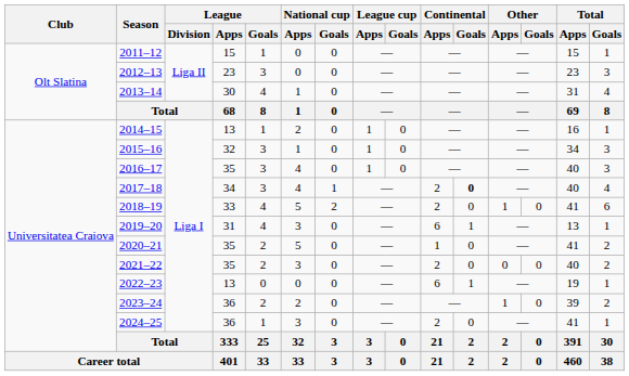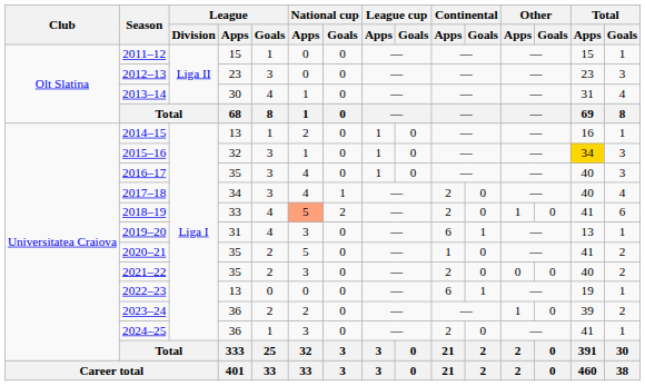 <table class="wikitable" style="text-align:center">
 <tr>
 <th rowspan="2">Club</th>
 <th rowspan="2">Season</th>
 <th colspan="3">League</th>
 <th colspan="2">National cup</th>
 <th colspan="2">League cup</th>
 <th colspan="2">Continental</th>
 <th colspan="2">Other</th>
 <th colspan="2">Total</th>
 </tr>
 <tr>
 <th>Division</th>
 <th>Apps</th>
 <th>Goals</th>
 <th>Apps</th>
 <th>Goals</th>
 <th>Apps</th>
 <th>Goals</th>
 <th>Apps</th>
 <th>Goals</th>
 <th>Apps</th>
 <th>Goals</th>
 <th>Apps</th>
 <th>Goals</th>
 </tr>
 <tr>
 <td rowspan="4"><a href='#'>Olt Slatina</a></td>
 <td><a href='#'>2011–12</a></td>
 <td rowspan="3"><a href='#'>Liga II</a></td>
 <td>15</td>
 <td>1</td>
 <td>0</td>
 <td>0</td>
 <td colspan="2">—</td>
 <td colspan="2">—</td>
 <td colspan="2">—</td>
 <td>15</td>
 <td>1</td>
 </tr>
 <tr>
 <td><a href='#'>2012–13</a></td>
 <td>23</td>
 <td>3</td>
 <td>0</td>
 <td>0</td>
 <td colspan="2">—</td>
 <td colspan="2">—</td>
 <td colspan="2">—</td>
 <td>23</td>
 <td>3</td>
 </tr>
 <tr>
 <td><a href='#'>2013–14</a></td>
 <td>30</td>
 <td>4</td>
 <td>1</td>
 <td>0</td>
 <td colspan="2">—</td>
 <td colspan="2">—</td>
 <td colspan="2">—</td>
 <td>31</td>
 <td>4</td>
 </tr>
 <tr>
 <th colspan=2>Total</th>
 <th>68</th>
 <th>8</th>
 <th>1</th>
 <th>0</th>
 <th colspan="2">—</th>
 <th colspan="2">—</th>
 <th colspan="2">—</th>
 <th>69</th>
 <th>8</th>
 </tr>
 <tr>
 <td rowspan="12"><a href='#'>Universitatea Craiova</a></td>
 <td><a href='#'>2014–15</a></td>
 <td rowspan="11"><a href='#'>Liga I</a></td>
 <td>13</td>
 <td>1</td>
 <td>2</td>
 <td>0</td>
 <td>1</td>
 <td>0</td>
 <td colspan="2">—</td>
 <td colspan="2">—</td>
 <td>16</td>
 <td>1</td>
 </tr>
 <tr>
 <td><a href='#'>2015–16</a></td>
 <td>32</td>
 <td>3</td>
 <td>1</td>
 <td>0</td>
 <td>1</td>
 <td>0</td>
 <td colspan="2">—</td>
 <td colspan="2">—</td>
-<td>34</td>
+<td style="background: gold;">34</td>
 <td>3</td>
 </tr>
 <tr>
 <td><a href='#'>2016–17</a></td>
 <td>35</td>
 <td>3</td>
 <td>4</td>
 <td>0</td>
 <td>1</td>
 <td>0</td>
 <td colspan="2">—</td>
 <td colspan="2">—</td>
 <td>40</td>
 <td>3</td>
 </tr>
 <tr>
 <td><a href='#'>2017–18</a></td>
 <td>34</td>
 <td>3</td>
 <td>4</td>
 <td>1</td>
 <td colspan="2">—</td>
 <td>2</td>
-<td><strong>0</strong></td>
+<td>0</td>
 <td colspan="2">—</td>
 <td>40</td>
 <td>4</td>
 </tr>
 <tr>
 <td><a href='#'>2018–19</a></td>
 <td>33</td>
 <td>4</td>
-<td>5</td>
+<td style="background: lightsalmon;">5</td>
 <td>2</td>
 <td colspan="2">—</td>
 <td>2</td>
 <td>0</td>
 <td>1</td>
 <td>0</td>
 <td>41</td>
 <td>6</td>
 </tr>
 <tr>
 <td><a href='#'>2019–20</a></td>
 <td>31</td>
 <td>4</td>
 <td>3</td>
 <td>0</td>
 <td colspan="2">—</td>
 <td>6</td>
 <td>1</td>
 <td colspan="2">—</td>
 <td>13</td>
 <td>1</td>
 </tr>
 <tr>
 <td><a href='#'>2020–21</a></td>
 <td>35</td>
 <td>2</td>
 <td>5</td>
 <td>0</td>
 <td colspan="2">—</td>
 <td>1</td>
 <td>0</td>
 <td colspan="2">—</td>
 <td>41</td>
 <td>2</td>
 </tr>
 <tr>
 <td><a href='#'>2021–22</a></td>
 <td>35</td>
 <td>2</td>
 <td>3</td>
 <td>0</td>
 <td colspan="2">—</td>
 <td>2</td>
 <td>0</td>
 <td>0</td>
 <td>0</td>
 <td>40</td>
 <td>2</td>
 </tr>
 <tr>
 <td><a href='#'>2022–23</a></td>
 <td>13</td>
 <td>0</td>
 <td>0</td>
 <td>0</td>
 <td colspan="2">—</td>
 <td>6</td>
 <td>1</td>
 <td colspan="2">—</td>
 <td>19</td>
 <td>1</td>
 </tr>
 <tr>
 <td><a href='#'>2023–24</a></td>
 <td>36</td>
 <td>2</td>
 <td>2</td>
 <td>0</td>
 <td colspan="2">—</td>
 <td colspan="2">—</td>
 <td>1</td>
 <td>0</td>
 <td>39</td>
 <td>2</td>
 </tr>
 <tr>
 <td><a href='#'>2024–25</a></td>
 <td>36</td>
 <td>1</td>
 <td>3</td>
 <td>0</td>
 <td colspan="2">—</td>
 <td>2</td>
 <td>0</td>
 <td colspan="2">—</td>
 <td>41</td>
 <td>1</td>
 </tr>
 <tr>
 <th colspan="2">Total</th>
 <th>333</th>
 <th>25</th>
 <th>32</th>
 <th>3</th>
 <th>3</th>
 <th>0</th>
 <th>21</th>
 <th>2</th>
 <th>2</th>
 <th>0</th>
 <th>391</th>
 <th>30</th>
 </tr>
 <tr>
 <th colspan="3">Career total</th>
 <th>401</th>
 <th>33</th>
 <th>33</th>
 <th>3</th>
 <th>3</th>
 <th>0</th>
 <th>21</th>
 <th>2</th>
 <th>2</th>
 <th>0</th>
 <th>460</th>
 <th>38</th>
 </tr>
 </table>
